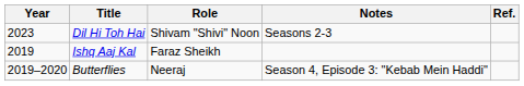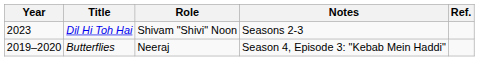 <table class="wikitable sortable">
 <tr>
 <th>Year</th>
 <th>Title</th>
 <th>Role</th>
 <th>Notes</th>
 <th>Ref.</th>
 </tr>
 <tr>
 <td>2023</td>
 <td><em><a href='#'>Dil Hi Toh Hai</a></em></td>
 <td>Shivam "Shivi" Noon</td>
 <td>Seasons 2-3</td>
 <td></td>
 </tr>
 <tr>
-<td scope="row">2019</td>
-<td><em><a href='#'>Ishq Aaj Kal</a></em></td>
-<td>Faraz Sheikh</td>
-<td></td>
-<td></td>
-</tr>
-<tr>
 <td scope="row">2019–2020</td>
 <td><em>Butterflies</em></td>
 <td>Neeraj</td>
 <td>Season 4, Episode 3: "Kebab Mein Haddi"</td>
 <td></td>
 </tr>
 </table>
